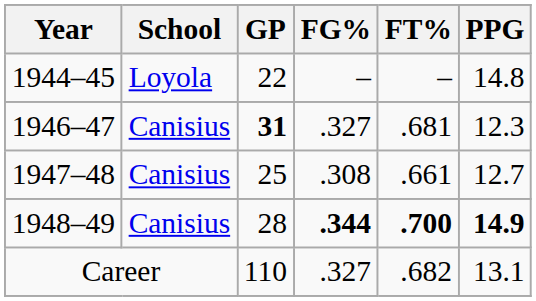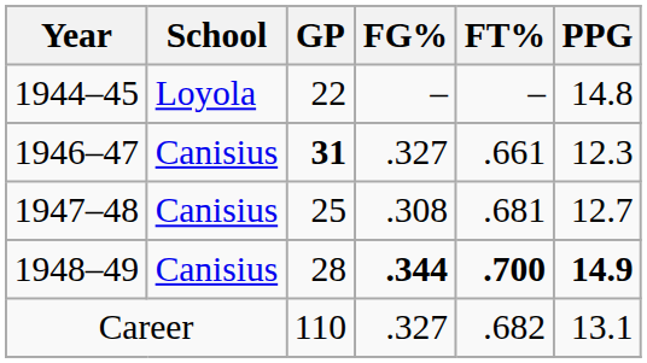 <table class="wikitable sortable" style="font-size:95%; text-align:right;">
 <tr>
 <th scope="col">Year</th>
 <th scope="col">School</th>
 <th scope="col">GP</th>
 <th scope="col">FG%</th>
 <th scope="col">FT%</th>
 <th scope="col">PPG</th>
 </tr>
 <tr>
 <td style="text-align:left;">1944–45</td>
 <td style="text-align:left;"><a href='#'>Loyola</a></td>
 <td>22</td>
 <td>–</td>
 <td>–</td>
 <td>14.8</td>
 </tr>
 <tr>
 <td style="text-align:left;">1946–47</td>
 <td style="text-align:left;"><a href='#'>Canisius</a></td>
 <td><strong>31</strong></td>
 <td>.327</td>
-<td>.681</td>
+<td>.661</td>
 <td>12.3</td>
 </tr>
 <tr>
 <td style="text-align:left;">1947–48</td>
 <td style="text-align:left;"><a href='#'>Canisius</a></td>
 <td>25</td>
 <td>.308</td>
-<td>.661</td>
+<td>.681</td>
 <td>12.7</td>
 </tr>
 <tr>
 <td style="text-align:left;">1948–49</td>
 <td style="text-align:left;"><a href='#'>Canisius</a></td>
 <td>28</td>
 <td><strong>.344</strong></td>
 <td><strong>.700</strong></td>
 <td><strong>14.9</strong></td>
 </tr>
 <tr class="sortbottom">
 <td style="text-align:center;" colspan="2">Career</td>
 <td>110</td>
 <td>.327</td>
 <td>.682</td>
 <td>13.1</td>
 </tr>
 </table>
